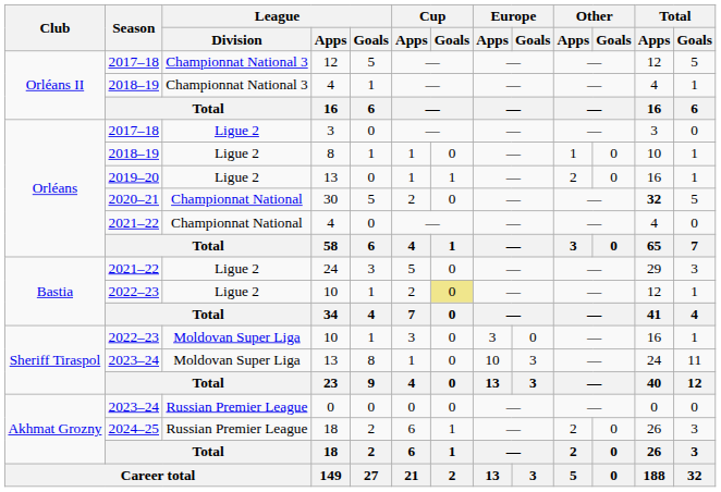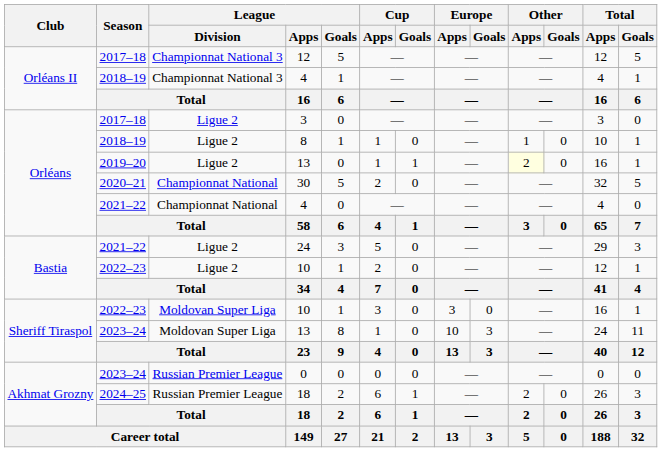 <table class="wikitable" style="text-align: center;">
 <tr>
 <th rowspan="2">Club</th>
 <th rowspan="2">Season</th>
 <th colspan="3">League</th>
 <th colspan="2">Cup</th>
 <th colspan="2">Europe</th>
 <th colspan="2">Other</th>
 <th colspan="2">Total</th>
 </tr>
 <tr>
 <th>Division</th>
 <th>Apps</th>
 <th>Goals</th>
 <th>Apps</th>
 <th>Goals</th>
 <th>Apps</th>
 <th>Goals</th>
 <th>Apps</th>
 <th>Goals</th>
 <th>Apps</th>
 <th>Goals</th>
 </tr>
 <tr>
 <td rowspan="3"><a href='#'>Orléans II</a></td>
 <td><a href='#'>2017–18</a></td>
 <td><a href='#'>Championnat National 3</a></td>
 <td>12</td>
 <td>5</td>
 <td colspan="2">—</td>
 <td colspan="2">—</td>
 <td colspan="2">—</td>
 <td>12</td>
 <td>5</td>
 </tr>
 <tr>
 <td><a href='#'>2018–19</a></td>
 <td>Championnat National 3</td>
 <td>4</td>
 <td>1</td>
 <td colspan="2">—</td>
 <td colspan="2">—</td>
 <td colspan="2">—</td>
 <td>4</td>
 <td>1</td>
 </tr>
 <tr>
 <th colspan="2">Total</th>
 <th>16</th>
 <th>6</th>
 <th colspan="2">—</th>
 <th colspan="2">—</th>
 <th colspan="2">—</th>
 <th>16</th>
 <th>6</th>
 </tr>
 <tr>
 <td rowspan="6"><a href='#'>Orléans</a></td>
 <td><a href='#'>2017–18</a></td>
 <td><a href='#'>Ligue 2</a></td>
 <td>3</td>
 <td>0</td>
 <td colspan="2">—</td>
 <td colspan="2">—</td>
 <td colspan="2">—</td>
 <td>3</td>
 <td>0</td>
 </tr>
 <tr>
 <td><a href='#'>2018–19</a></td>
 <td>Ligue 2</td>
 <td>8</td>
 <td>1</td>
 <td>1</td>
 <td>0</td>
 <td colspan="2">—</td>
 <td>1</td>
 <td>0</td>
 <td>10</td>
 <td>1</td>
 </tr>
 <tr>
 <td><a href='#'>2019–20</a></td>
 <td>Ligue 2</td>
 <td>13</td>
 <td>0</td>
 <td>1</td>
 <td>1</td>
 <td colspan="2">—</td>
-<td>2</td>
+<td style="background: lightyellow;">2</td>
 <td>0</td>
 <td>16</td>
 <td>1</td>
 </tr>
 <tr>
 <td><a href='#'>2020–21</a></td>
 <td><a href='#'>Championnat National</a></td>
 <td>30</td>
 <td>5</td>
 <td>2</td>
 <td>0</td>
 <td colspan="2">—</td>
 <td colspan="2">—</td>
-<td><strong>32</strong></td>
+<td>32</td>
 <td>5</td>
 </tr>
 <tr>
 <td><a href='#'>2021–22</a></td>
 <td>Championnat National</td>
 <td>4</td>
 <td>0</td>
 <td colspan="2">—</td>
 <td colspan="2">—</td>
 <td colspan="2">—</td>
 <td>4</td>
 <td>0</td>
 </tr>
 <tr>
 <th colspan="2">Total</th>
 <th>58</th>
 <th>6</th>
 <th>4</th>
 <th>1</th>
 <th colspan="2">—</th>
 <th>3</th>
 <th>0</th>
 <th>65</th>
 <th>7</th>
 </tr>
 <tr>
 <td rowspan="3"><a href='#'>Bastia</a></td>
 <td><a href='#'>2021–22</a></td>
 <td>Ligue 2</td>
 <td>24</td>
 <td>3</td>
 <td>5</td>
 <td>0</td>
 <td colspan="2">—</td>
 <td colspan="2">—</td>
 <td>29</td>
 <td>3</td>
 </tr>
 <tr>
 <td><a href='#'>2022–23</a></td>
 <td>Ligue 2</td>
 <td>10</td>
 <td>1</td>
 <td>2</td>
-<td style="background: khaki;">0</td>
+<td>0</td>
 <td colspan="2">—</td>
 <td colspan="2">—</td>
 <td>12</td>
 <td>1</td>
 </tr>
 <tr>
 <th colspan="2">Total</th>
 <th>34</th>
 <th>4</th>
 <th>7</th>
 <th>0</th>
 <th colspan="2">—</th>
 <th colspan="2">—</th>
 <th>41</th>
 <th>4</th>
 </tr>
 <tr>
 <td rowspan="3"><a href='#'>Sheriff Tiraspol</a></td>
 <td><a href='#'>2022–23</a></td>
 <td><a href='#'>Moldovan Super Liga</a></td>
 <td>10</td>
 <td>1</td>
 <td>3</td>
 <td>0</td>
 <td>3</td>
 <td>0</td>
 <td colspan="2">—</td>
 <td>16</td>
 <td>1</td>
 </tr>
 <tr>
 <td><a href='#'>2023–24</a></td>
 <td>Moldovan Super Liga</td>
 <td>13</td>
 <td>8</td>
 <td>1</td>
 <td>0</td>
 <td>10</td>
 <td>3</td>
 <td colspan="2">—</td>
 <td>24</td>
 <td>11</td>
 </tr>
 <tr>
 <th colspan="2">Total</th>
 <th>23</th>
 <th>9</th>
 <th>4</th>
 <th>0</th>
 <th>13</th>
 <th>3</th>
 <th colspan="2">—</th>
 <th>40</th>
 <th>12</th>
 </tr>
 <tr>
 <td rowspan="3"><a href='#'>Akhmat Grozny</a></td>
 <td><a href='#'>2023–24</a></td>
 <td><a href='#'>Russian Premier League</a></td>
 <td>0</td>
 <td>0</td>
 <td>0</td>
 <td>0</td>
 <td colspan="2">—</td>
 <td colspan="2">—</td>
 <td>0</td>
 <td>0</td>
 </tr>
 <tr>
 <td><a href='#'>2024–25</a></td>
 <td>Russian Premier League</td>
 <td>18</td>
 <td>2</td>
 <td>6</td>
 <td>1</td>
 <td colspan="2">—</td>
 <td>2</td>
 <td>0</td>
 <td>26</td>
 <td>3</td>
 </tr>
 <tr>
 <th colspan="2">Total</th>
 <th>18</th>
 <th>2</th>
 <th>6</th>
 <th>1</th>
 <th colspan="2">—</th>
 <th>2</th>
 <th>0</th>
 <th>26</th>
 <th>3</th>
 </tr>
 <tr>
 <th colspan="3">Career total</th>
 <th>149</th>
 <th>27</th>
 <th>21</th>
 <th>2</th>
 <th>13</th>
 <th>3</th>
 <th>5</th>
 <th>0</th>
 <th>188</th>
 <th>32</th>
 </tr>
 </table>
